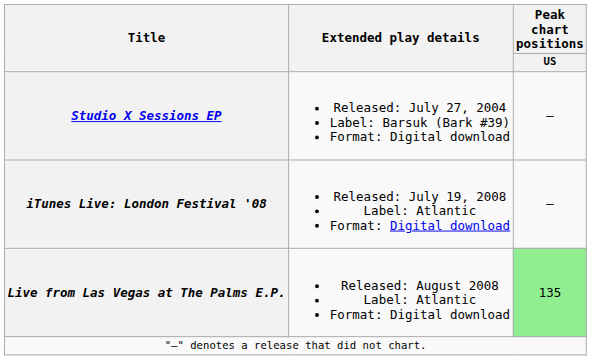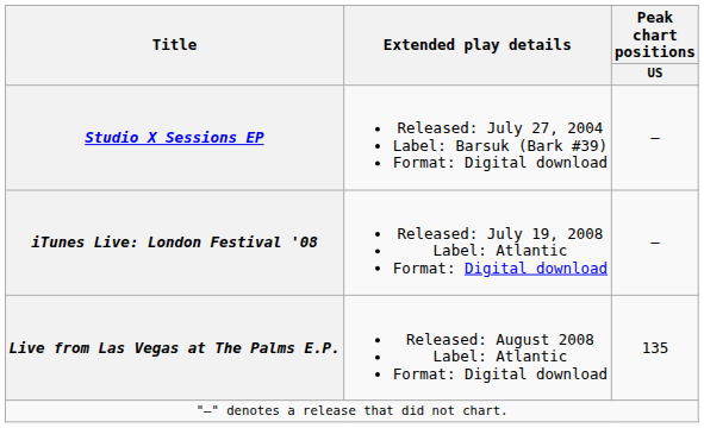 <table class="wikitable plainrowheaders" style="text-align:center;">
 <tr>
 <th scope="col" ! rowspan="2">Title</th>
 <th scope="col" ! rowspan="2">Extended play details</th>
 <th scope="col" ! colspan="1">Peak chart positions</th>
 </tr>
 <tr>
 <th style="width:3em;font-size:85%;">US<br></th>
 </tr>
 <tr>
 <th scope="row"><em><a href='#'>Studio X Sessions EP</a></em></th>
 <td><br><ul><li>Released: July 27, 2004</li><li>Label: Barsuk (Bark #39)</li><li>Format: Digital download</li></ul></td>
 <td>—</td>
 </tr>
 <tr>
 <th scope="row"><em>iTunes Live: London Festival '08</em></th>
 <td><br><ul><li>Released: July 19, 2008</li><li>Label: Atlantic</li><li>Format: <a href='#'>Digital download</a></li></ul></td>
 <td>—</td>
 </tr>
 <tr>
 <th scope="row"><em>Live from Las Vegas at The Palms E.P.</em></th>
 <td><br><ul><li>Released: August 2008</li><li>Label: Atlantic</li><li>Format: Digital download</li></ul></td>
-<td style="background: lightgreen;">135</td>
+<td>135</td>
 </tr>
 <tr>
 <td colspan="10" style="text-align:center; font-size:85%;">"—" denotes a release that did not chart.</td>
 </tr>
 </table>
